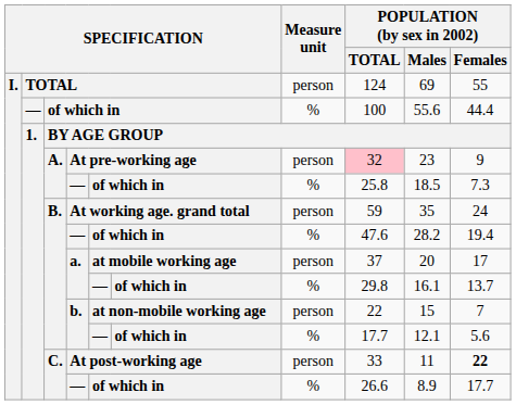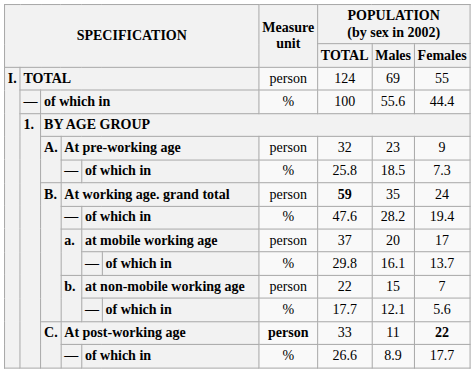 <table class="wikitable" style="font-size:85%; text-align:center">
 <tr>
 <th rowspan="2" colspan="6">SPECIFICATION</th>
 <th rowspan="2">Measure<br> unit</th>
 <th colspan="3" rowspan="1">POPULATION<br> (by sex in 2002)</th>
 </tr>
 <tr>
 <th>TOTAL</th>
 <th>Males</th>
 <th>Females</th>
 </tr>
 <tr>
 <th style="text-align:left" valign="top" rowspan="13">I.</th>
 <th style="text-align:left" colspan="5">TOTAL</th>
 <td>person</td>
 <td>124</td>
 <td>69</td>
 <td>55</td>
 </tr>
 <tr>
 <th style="text-align:left" valign="top">—</th>
 <th style="text-align:left" colspan="4">of which in</th>
 <td>%</td>
 <td>100</td>
 <td>55.6</td>
 <td>44.4</td>
 </tr>
 <tr>
 <th style="text-align:left" valign="top" rowspan="11">1.</th>
 <th style="text-align:left" colspan="19">BY AGE GROUP</th>
 </tr>
 <tr>
 <th style="text-align:left" valign="top" rowspan="2">A.</th>
 <th style="text-align:left" colspan="3">At pre-working age</th>
 <td>person</td>
-<td style="background: pink;">32</td>
+<td>32</td>
 <td>23</td>
 <td>9</td>
 </tr>
 <tr>
 <th style="text-align:left" valign="top">—</th>
 <th style="text-align:left" valign="top" colspan="2">of which in</th>
 <td>%</td>
 <td>25.8</td>
 <td>18.5</td>
 <td>7.3</td>
 </tr>
 <tr>
 <th style="text-align:left" valign="top" rowspan="6">B.</th>
 <th style="text-align:left" colspan="3">At working age. grand total</th>
 <td>person</td>
-<td>59</td>
+<td><strong>59</strong></td>
 <td>35</td>
 <td>24</td>
 </tr>
 <tr>
 <th style="text-align:left" valign="top">—</th>
 <th style="text-align:left" valign="top" colspan="2">of which in</th>
 <td>%</td>
 <td>47.6</td>
 <td>28.2</td>
 <td>19.4</td>
 </tr>
 <tr>
 <th style="text-align:left" valign="top" rowspan="2">a.</th>
 <th style="text-align:left" colspan="2">at mobile working age</th>
 <td>person</td>
 <td>37</td>
 <td>20</td>
 <td>17</td>
 </tr>
 <tr>
 <th style="text-align:left" valign="top">—</th>
 <th style="text-align:left" valign="top" colspan="1">of which in                        </th>
 <td>%</td>
 <td>29.8</td>
 <td>16.1</td>
 <td>13.7</td>
 </tr>
 <tr>
 <th style="text-align:left" valign="top" rowspan="2">b.</th>
 <th style="text-align:left" colspan="2">at non-mobile working age</th>
 <td>person</td>
 <td>22</td>
 <td>15</td>
 <td>7</td>
 </tr>
 <tr>
 <th style="text-align:left" valign="top">—</th>
 <th style="text-align:left" valign="top" colspan="1">of which in                        </th>
 <td>%</td>
 <td>17.7</td>
 <td>12.1</td>
 <td>5.6</td>
 </tr>
 <tr>
 <th style="text-align:left" valign="top" rowspan="2">C.</th>
 <th style="text-align:left" colspan="3">At post-working age</th>
-<td>person</td>
+<td><strong>person</strong></td>
 <td>33</td>
 <td>11</td>
 <td><strong>22</strong></td>
 </tr>
 <tr>
 <th style="text-align:left" valign="top">—</th>
 <th style="text-align:left" valign="top" colspan="2">of which in</th>
 <td>%</td>
 <td>26.6</td>
 <td>8.9</td>
 <td>17.7</td>
 </tr>
 </table>
